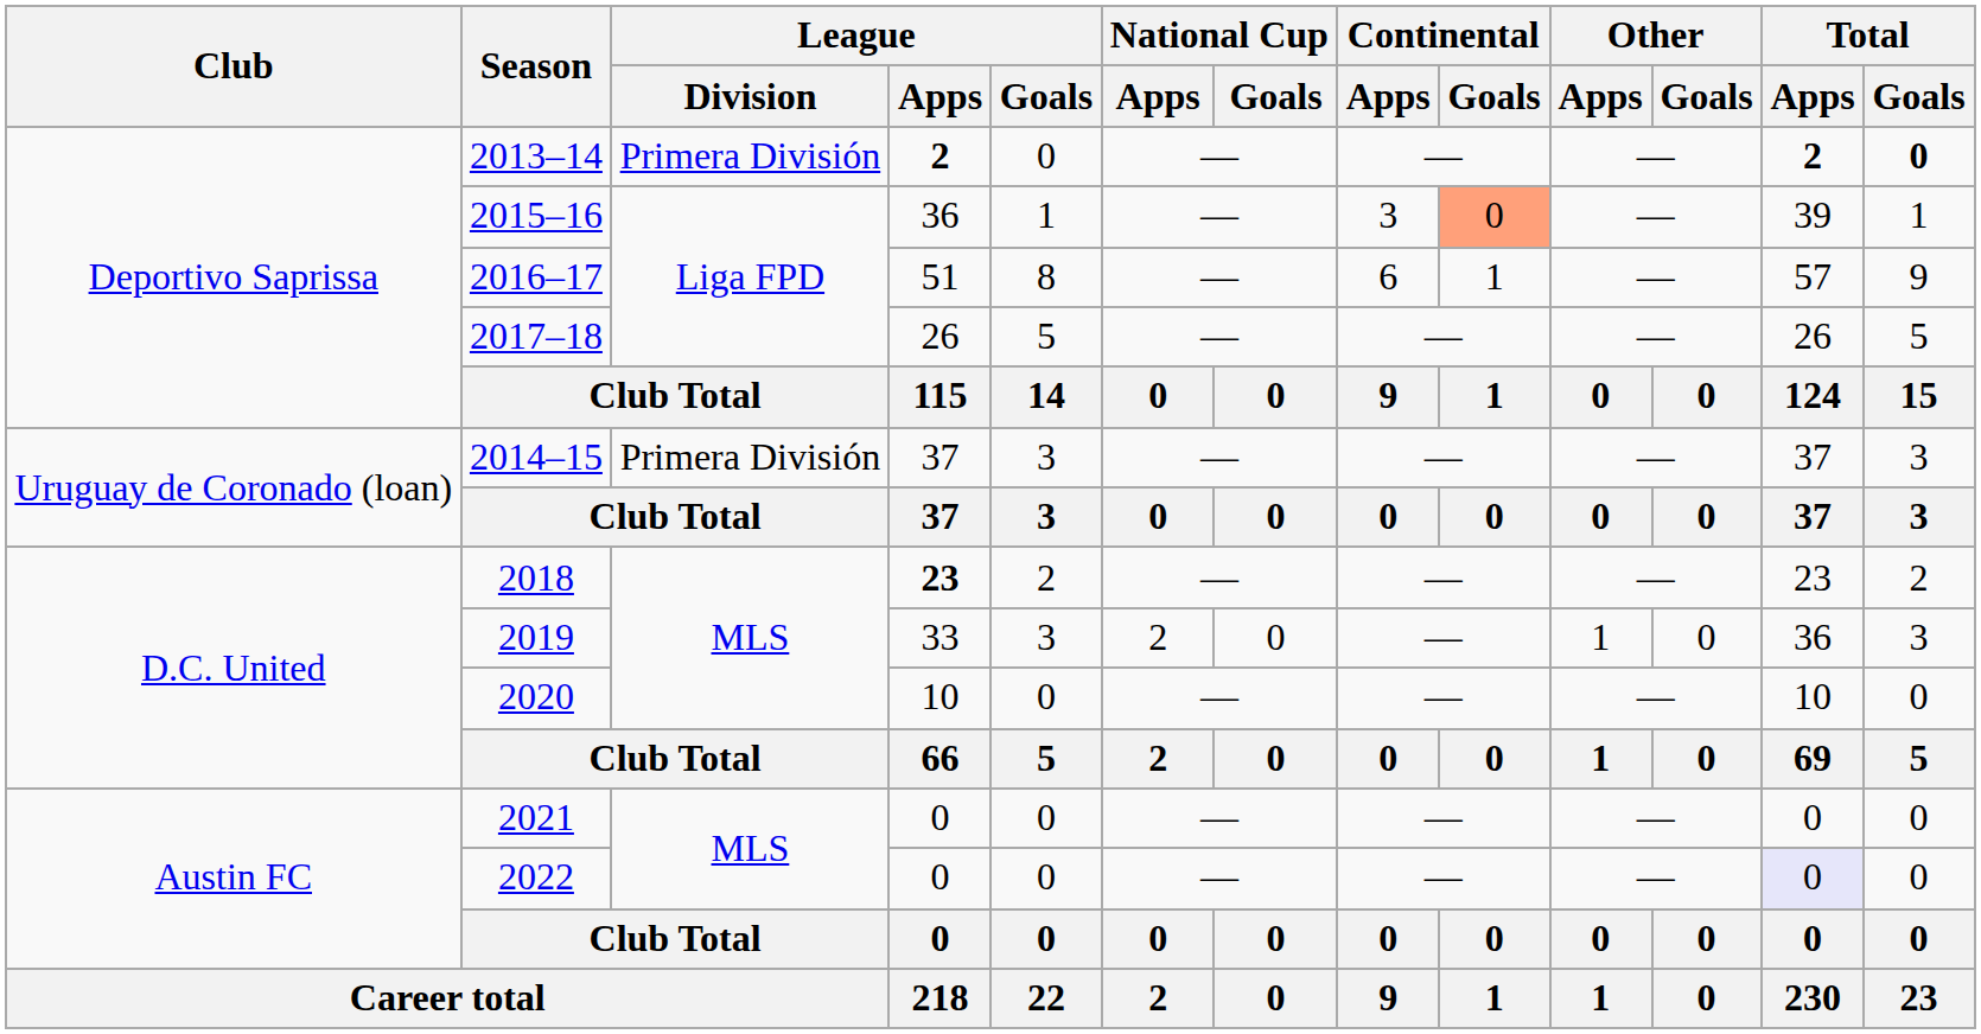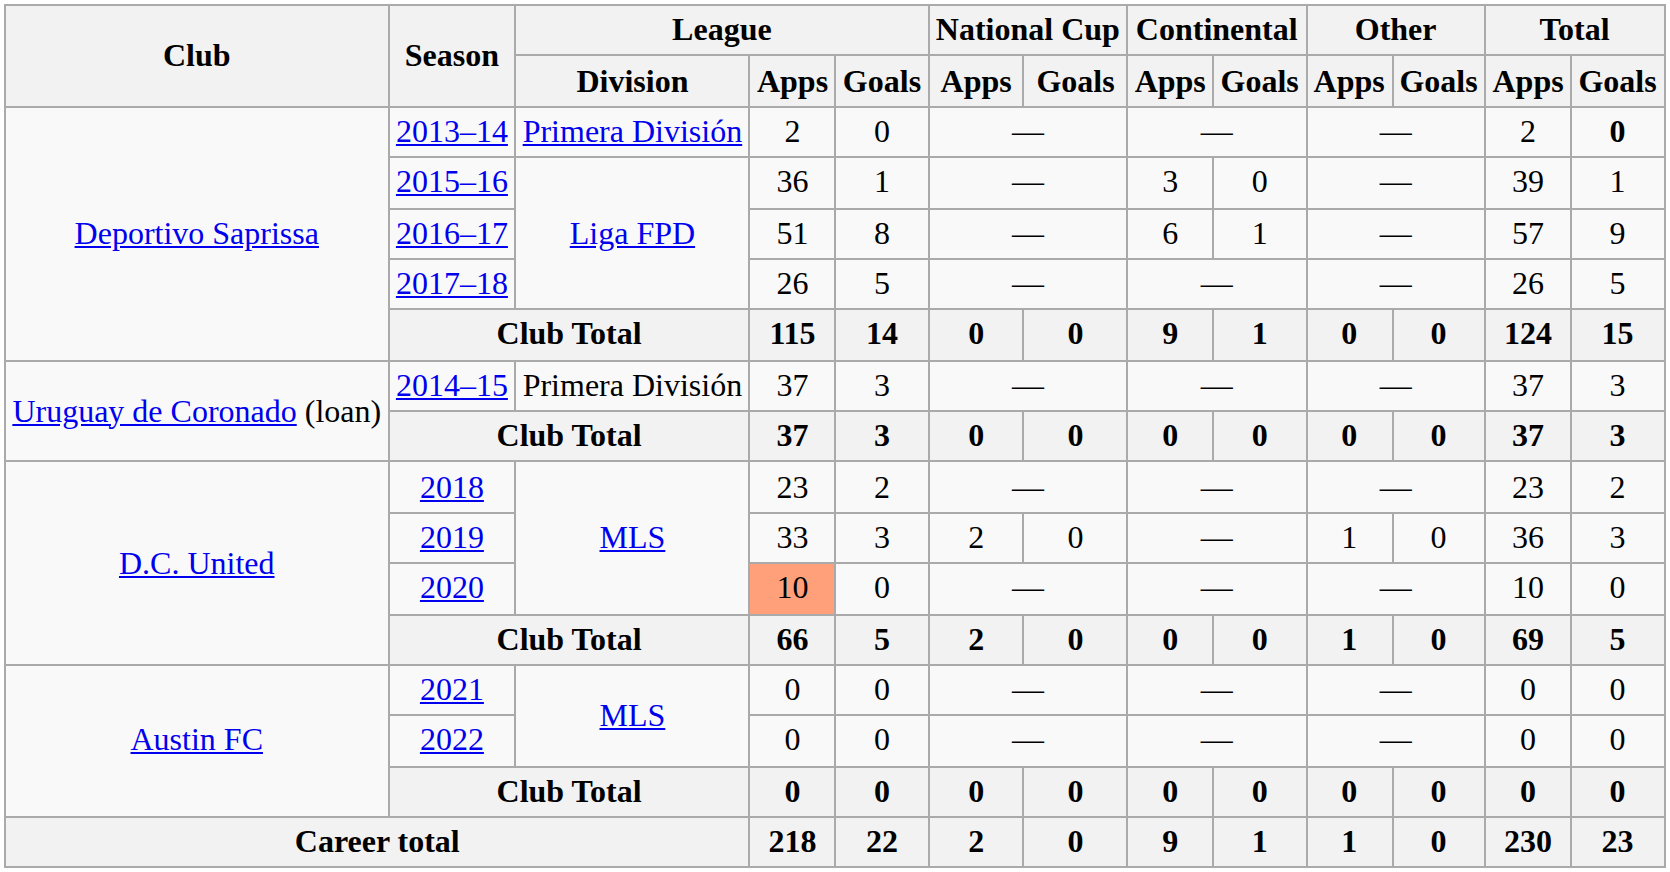 <table class="wikitable" style="text-align:center">
 <tr>
 <th rowspan="2">Club</th>
 <th rowspan="2">Season</th>
 <th colspan="3">League</th>
 <th colspan="2">National Cup</th>
 <th colspan="2">Continental</th>
 <th colspan="2">Other</th>
 <th colspan="2">Total</th>
 </tr>
 <tr>
 <th>Division</th>
 <th>Apps</th>
 <th>Goals</th>
 <th>Apps</th>
 <th>Goals</th>
 <th>Apps</th>
 <th>Goals</th>
 <th>Apps</th>
 <th>Goals</th>
 <th>Apps</th>
 <th>Goals</th>
 </tr>
 <tr>
 <td rowspan="5"><a href='#'>Deportivo Saprissa</a></td>
 <td><a href='#'>2013–14</a></td>
 <td><a href='#'>Primera División</a></td>
-<td><strong>2</strong></td>
+<td>2</td>
 <td>0</td>
 <td colspan="2">—</td>
 <td colspan="2">—</td>
 <td colspan="2">—</td>
-<td><strong>2</strong></td>
+<td>2</td>
 <td><strong>0</strong></td>
 </tr>
 <tr>
 <td><a href='#'>2015–16</a></td>
 <td rowspan="3"><a href='#'>Liga FPD</a></td>
 <td>36</td>
 <td>1</td>
 <td colspan="2">—</td>
 <td>3</td>
-<td style="background: lightsalmon;">0</td>
+<td>0</td>
 <td colspan="2">—</td>
 <td>39</td>
 <td>1</td>
 </tr>
 <tr>
 <td><a href='#'>2016–17</a></td>
 <td>51</td>
 <td>8</td>
 <td colspan="2">—</td>
 <td>6</td>
 <td>1</td>
 <td colspan="2">—</td>
 <td>57</td>
 <td>9</td>
 </tr>
 <tr>
 <td><a href='#'>2017–18</a></td>
 <td>26</td>
 <td>5</td>
 <td colspan="2">—</td>
 <td colspan="2">—</td>
 <td colspan="2">—</td>
 <td>26</td>
 <td>5</td>
 </tr>
 <tr>
 <th colspan="2">Club Total</th>
 <th>115</th>
 <th>14</th>
 <th>0</th>
 <th>0</th>
 <th>9</th>
 <th>1</th>
 <th>0</th>
 <th>0</th>
 <th>124</th>
 <th>15</th>
 </tr>
 <tr>
 <td rowspan=2><a href='#'>Uruguay de Coronado</a> (loan)</td>
 <td><a href='#'>2014–15</a></td>
 <td>Primera División</td>
 <td>37</td>
 <td>3</td>
 <td colspan="2">—</td>
 <td colspan="2">—</td>
 <td colspan="2">—</td>
 <td>37</td>
 <td>3</td>
 </tr>
 <tr>
 <th colspan=2>Club Total</th>
 <th>37</th>
 <th>3</th>
 <th>0</th>
 <th>0</th>
 <th>0</th>
 <th>0</th>
 <th>0</th>
 <th>0</th>
 <th>37</th>
 <th>3</th>
 </tr>
 <tr>
 <td rowspan="4"><a href='#'>D.C. United</a></td>
 <td><a href='#'>2018</a></td>
 <td rowspan="3"><a href='#'>MLS</a></td>
-<td><strong>23</strong></td>
+<td>23</td>
 <td>2</td>
 <td colspan="2">—</td>
 <td colspan="2">—</td>
 <td colspan="2">—</td>
 <td>23</td>
 <td>2</td>
 </tr>
 <tr>
 <td><a href='#'>2019</a></td>
 <td>33</td>
 <td>3</td>
 <td>2</td>
 <td>0</td>
 <td colspan="2">—</td>
 <td>1</td>
 <td>0</td>
 <td>36</td>
 <td>3</td>
 </tr>
 <tr>
 <td><a href='#'>2020</a></td>
-<td>10</td>
+<td style="background: lightsalmon;">10</td>
 <td>0</td>
 <td colspan="2">—</td>
 <td colspan="2">—</td>
 <td colspan="2">—</td>
 <td>10</td>
 <td>0</td>
 </tr>
 <tr>
 <th colspan="2">Club Total</th>
 <th>66</th>
 <th>5</th>
 <th>2</th>
 <th>0</th>
 <th>0</th>
 <th>0</th>
 <th>1</th>
 <th>0</th>
 <th>69</th>
 <th>5</th>
 </tr>
 <tr>
 <td rowspan=3><a href='#'>Austin FC</a></td>
 <td><a href='#'>2021</a></td>
 <td rowspan=2><a href='#'>MLS</a></td>
 <td>0</td>
 <td>0</td>
 <td colspan="2">—</td>
 <td colspan="2">—</td>
 <td colspan="2">—</td>
 <td>0</td>
 <td>0</td>
 </tr>
 <tr>
 <td><a href='#'>2022</a></td>
 <td>0</td>
 <td>0</td>
 <td colspan="2">—</td>
 <td colspan="2">—</td>
 <td colspan="2">—</td>
-<td style="background: lavender;">0</td>
+<td>0</td>
 <td>0</td>
 </tr>
 <tr>
 <th colspan=2>Club Total</th>
 <th>0</th>
 <th>0</th>
 <th>0</th>
 <th>0</th>
 <th>0</th>
 <th>0</th>
 <th>0</th>
 <th>0</th>
 <th>0</th>
 <th>0</th>
 </tr>
 <tr>
 <th colspan="3">Career total</th>
 <th>218</th>
 <th>22</th>
 <th>2</th>
 <th>0</th>
 <th>9</th>
 <th>1</th>
 <th>1</th>
 <th>0</th>
 <th>230</th>
 <th>23</th>
 </tr>
 </table>
